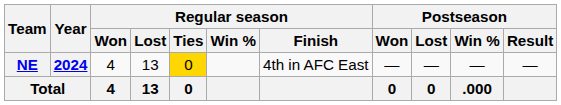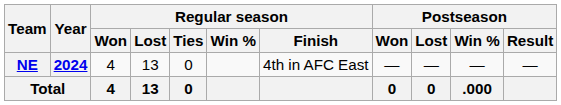 <table class="wikitable" style="font-size: 95%; text-align:center;">
 <tr>
 <th rowspan="2">Team</th>
 <th rowspan="2">Year</th>
 <th colspan="5">Regular season</th>
 <th colspan="4">Postseason</th>
 </tr>
 <tr>
 <th>Won</th>
 <th>Lost</th>
 <th>Ties</th>
 <th>Win %</th>
 <th>Finish</th>
 <th>Won</th>
 <th>Lost</th>
 <th>Win %</th>
 <th>Result</th>
 </tr>
 <tr>
 <th><a href='#'>NE</a></th>
 <th><a href='#'>2024</a></th>
 <td>4</td>
 <td>13</td>
-<td style="background: gold;">0</td>
+<td>0</td>
 <td></td>
 <td>4th in AFC East</td>
 <td>—</td>
 <td>—</td>
 <td>—</td>
 <td>—</td>
 </tr>
 <tr>
 <th colspan="2">Total</th>
 <th>4</th>
 <th>13</th>
 <th>0</th>
 <th></th>
 <th></th>
 <th>0</th>
 <th>0</th>
 <th>.000</th>
 <th></th>
 </tr>
 </table>
